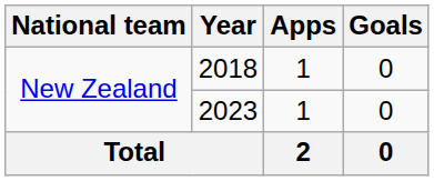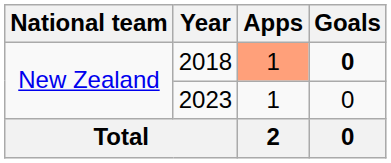 <table class="wikitable" style="text-align:center">
 <tr>
 <th>National team</th>
 <th>Year</th>
 <th>Apps</th>
 <th>Goals</th>
 </tr>
 <tr>
 <td rowspan="2"><a href='#'>New Zealand</a></td>
 <td>2018</td>
-<td>1</td>
-<td>0</td>
+<td style="background: lightsalmon;">1</td>
+<td><strong>0</strong></td>
 </tr>
 <tr>
 <td>2023</td>
 <td>1</td>
 <td>0</td>
 </tr>
 <tr>
 <th colspan="2">Total</th>
 <th>2</th>
 <th>0</th>
 </tr>
 </table>
